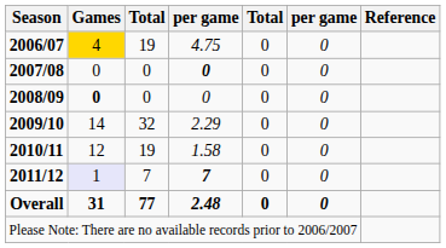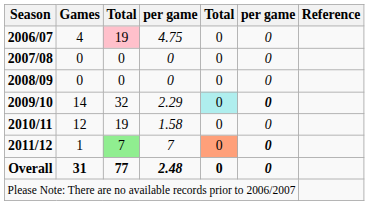 <table class="wikitable" style="text-align:center">
 <tr>
 <th>Season</th>
 <th>Games</th>
 <th>Total </th>
 <th> per game</th>
 <th>Total </th>
 <th> per game</th>
 <th>Reference</th>
 </tr>
 <tr>
 <td><strong>2006/07</strong></td>
-<td style="background: gold;">4</td>
-<td>19</td>
+<td>4</td>
+<td style="background: pink;">19</td>
 <td><em>4.75</em></td>
 <td>0</td>
 <td><em>0</em></td>
 <td></td>
 </tr>
 <tr>
 <td><strong>2007/08</strong></td>
 <td>0</td>
 <td>0</td>
-<td><strong><em>0</em></strong></td>
+<td><em>0</em></td>
 <td>0</td>
 <td><em>0</em></td>
 <td></td>
 </tr>
 <tr>
 <td><strong>2008/09</strong></td>
-<td><strong>0</strong></td>
+<td>0</td>
 <td>0</td>
 <td><em>0</em></td>
 <td>0</td>
 <td><em>0</em></td>
 <td></td>
 </tr>
 <tr>
 <td><strong>2009/10</strong></td>
 <td>14</td>
 <td>32</td>
 <td><em>2.29</em></td>
-<td>0</td>
-<td><em>0</em></td>
+<td style="background: paleturquoise;">0</td>
+<td><strong><em>0</em></strong></td>
 <td></td>
 </tr>
 <tr>
 <td><strong>2010/11</strong></td>
 <td>12</td>
 <td>19</td>
 <td><em>1.58</em></td>
 <td>0</td>
 <td><em>0</em></td>
 <td></td>
 </tr>
 <tr>
 <td><strong>2011/12</strong></td>
-<td style="background: lavender;">1</td>
-<td>7</td>
-<td><strong><em>7</em></strong></td>
-<td>0</td>
-<td><em>0</em></td>
+<td>1</td>
+<td style="background: lightgreen;">7</td>
+<td><em>7</em></td>
+<td style="background: lightsalmon;">0</td>
+<td><strong><em>0</em></strong></td>
 <td></td>
 </tr>
 <tr>
 <td><strong>Overall</strong></td>
 <td><strong>31</strong></td>
 <td><strong>77</strong></td>
 <td><strong><em>2.48</em></strong></td>
 <td><strong>0</strong></td>
 <td><strong><em>0</em></strong></td>
 <td></td>
 </tr>
 <tr>
 <td colspan="6" align="left"><small>Please Note: There are no available records prior to 2006/2007</small></td>
 </tr>
 </table>
